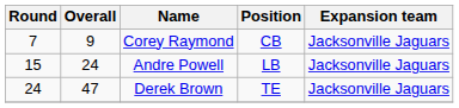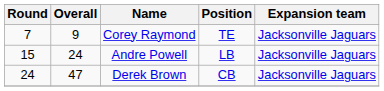 <table class="wikitable" style="text-align:center">
 <tr>
 <th>Round</th>
 <th>Overall</th>
 <th>Name</th>
 <th>Position</th>
 <th>Expansion team</th>
 </tr>
 <tr>
 <td>7</td>
 <td>9</td>
 <td><a href='#'>Corey Raymond</a></td>
-<td><a href='#'>CB</a></td>
+<td><a href='#'>TE</a></td>
 <td><a href='#'>Jacksonville Jaguars</a></td>
 </tr>
 <tr>
 <td>15</td>
 <td>24</td>
 <td><a href='#'>Andre Powell</a></td>
 <td><a href='#'>LB</a></td>
 <td><a href='#'>Jacksonville Jaguars</a></td>
 </tr>
 <tr>
 <td>24</td>
 <td>47</td>
 <td><a href='#'>Derek Brown</a></td>
-<td><a href='#'>TE</a></td>
+<td><a href='#'>CB</a></td>
 <td><a href='#'>Jacksonville Jaguars</a></td>
 </tr>
 <tr>
 </tr>
 </table>
